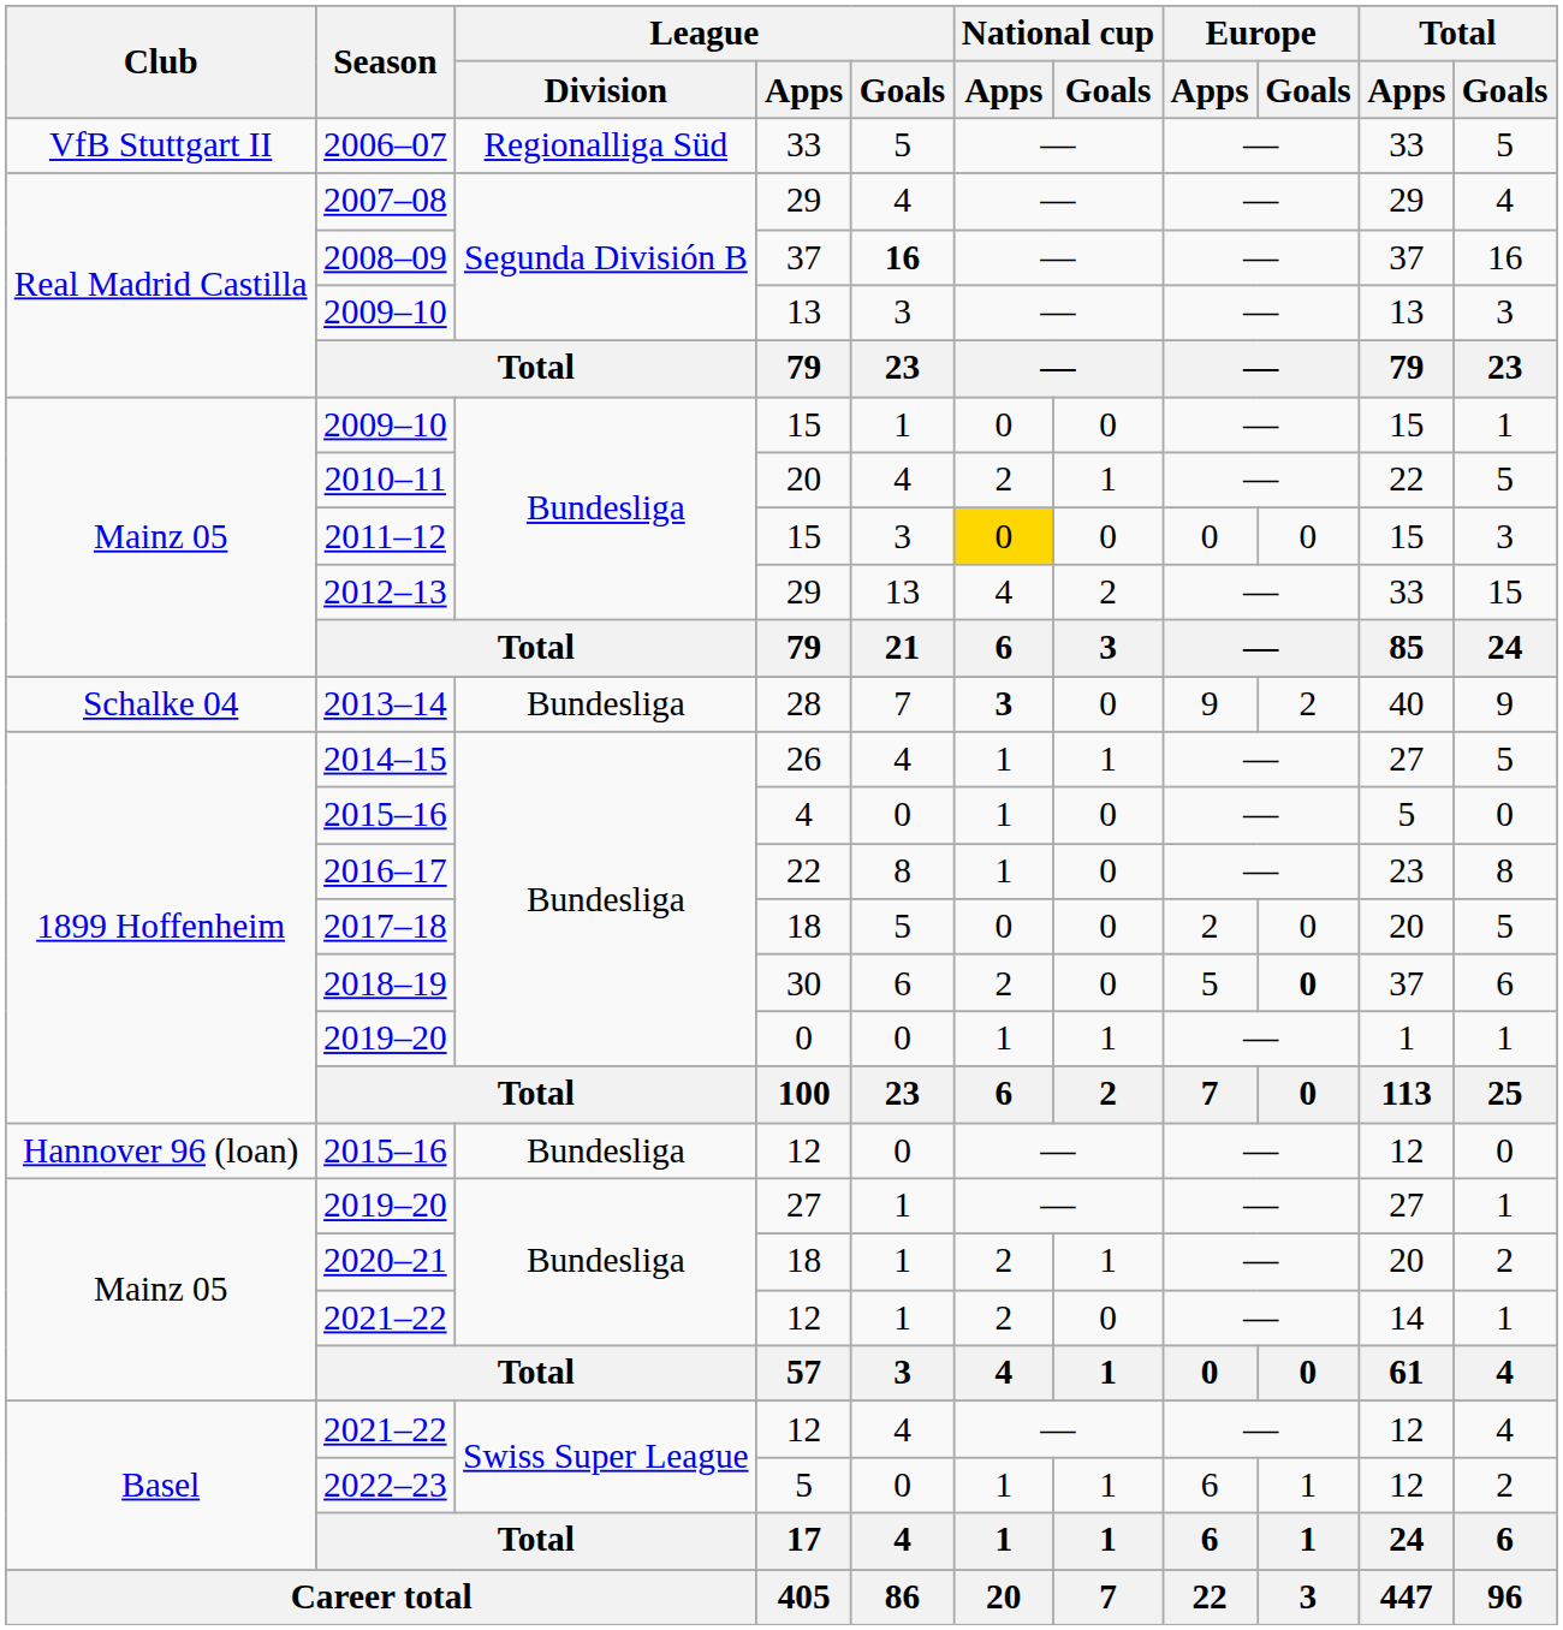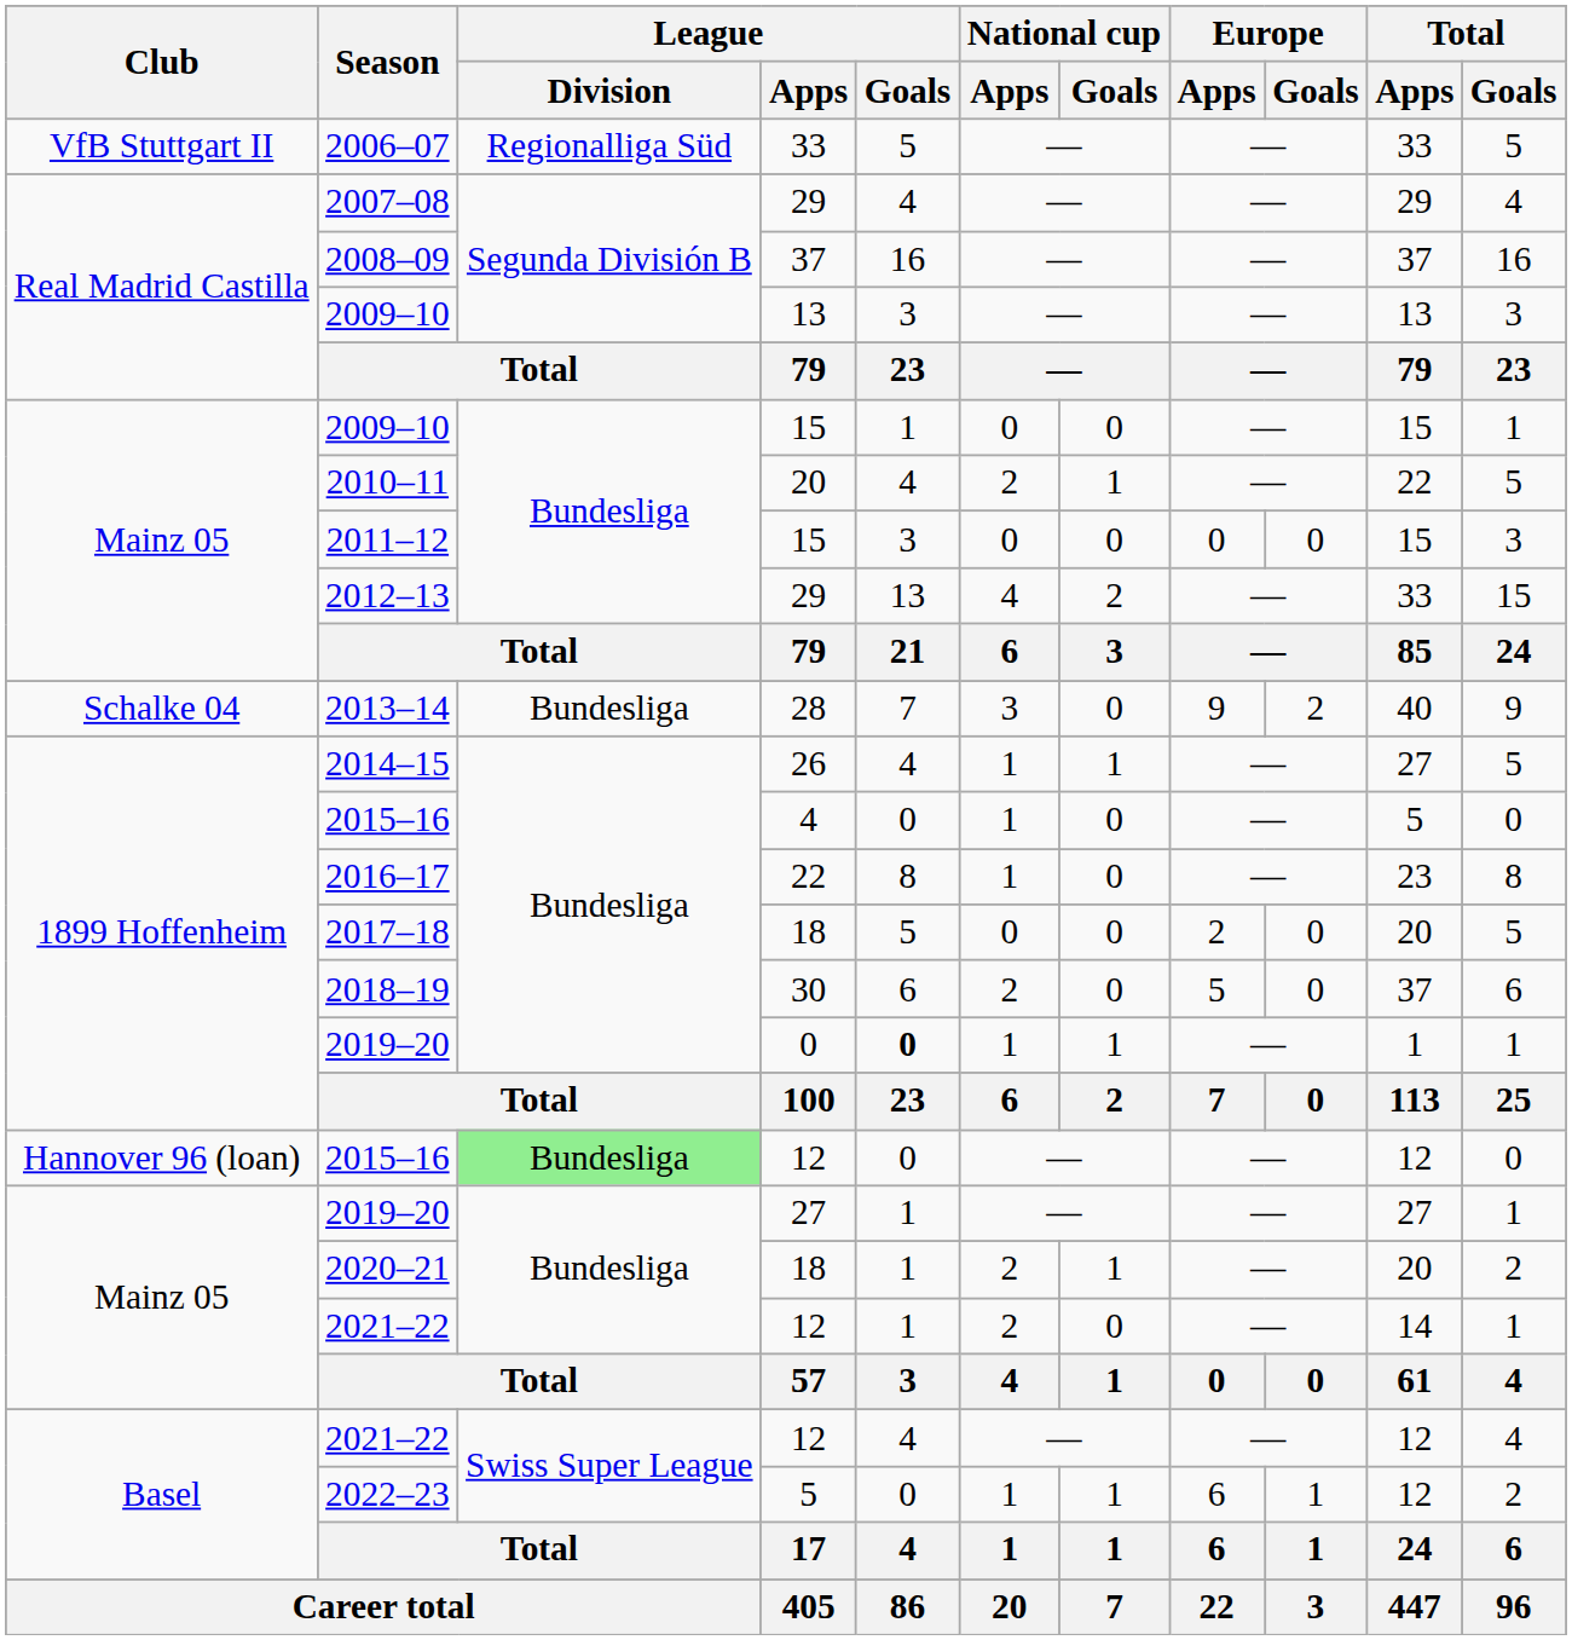 <table class="wikitable" style="text-align: center">
 <tr>
 <th rowspan="2">Club</th>
 <th rowspan="2">Season</th>
 <th colspan="3">League</th>
 <th colspan="2">National cup</th>
 <th colspan="2">Europe</th>
 <th colspan="2">Total</th>
 </tr>
 <tr>
 <th>Division</th>
 <th>Apps</th>
 <th>Goals</th>
 <th>Apps</th>
 <th>Goals</th>
 <th>Apps</th>
 <th>Goals</th>
 <th>Apps</th>
 <th>Goals</th>
 </tr>
 <tr>
 <td><a href='#'>VfB Stuttgart II</a></td>
 <td><a href='#'>2006–07</a></td>
 <td><a href='#'>Regionalliga Süd</a></td>
 <td>33</td>
 <td>5</td>
 <td colspan="2">—</td>
 <td colspan="2">—</td>
 <td>33</td>
 <td>5</td>
 </tr>
 <tr>
 <td rowspan="4"><a href='#'>Real Madrid Castilla</a></td>
 <td><a href='#'>2007–08</a></td>
 <td rowspan="3"><a href='#'>Segunda División B</a></td>
 <td>29</td>
 <td>4</td>
 <td colspan="2">—</td>
 <td colspan="2">—</td>
 <td>29</td>
 <td>4</td>
 </tr>
 <tr>
 <td><a href='#'>2008–09</a></td>
 <td>37</td>
-<td><strong>16</strong></td>
+<td>16</td>
 <td colspan="2">—</td>
 <td colspan="2">—</td>
 <td>37</td>
 <td>16</td>
 </tr>
 <tr>
 <td><a href='#'>2009–10</a></td>
 <td>13</td>
 <td>3</td>
 <td colspan="2">—</td>
 <td colspan="2">—</td>
 <td>13</td>
 <td>3</td>
 </tr>
 <tr>
 <th colspan="2">Total</th>
 <th>79</th>
 <th>23</th>
 <th colspan="2">—</th>
 <th colspan="2">—</th>
 <th>79</th>
 <th>23</th>
 </tr>
 <tr>
 <td rowspan="5"><a href='#'>Mainz 05</a></td>
 <td><a href='#'>2009–10</a></td>
 <td rowspan="4"><a href='#'>Bundesliga</a></td>
 <td>15</td>
 <td>1</td>
 <td>0</td>
 <td>0</td>
 <td colspan="2">—</td>
 <td>15</td>
 <td>1</td>
 </tr>
 <tr>
 <td><a href='#'>2010–11</a></td>
 <td>20</td>
 <td>4</td>
 <td>2</td>
 <td>1</td>
 <td colspan="2">—</td>
 <td>22</td>
 <td>5</td>
 </tr>
 <tr>
 <td><a href='#'>2011–12</a></td>
 <td>15</td>
 <td>3</td>
-<td style="background: gold;">0</td>
+<td>0</td>
 <td>0</td>
 <td>0</td>
 <td>0</td>
 <td>15</td>
 <td>3</td>
 </tr>
 <tr>
 <td><a href='#'>2012–13</a></td>
 <td>29</td>
 <td>13</td>
 <td>4</td>
 <td>2</td>
 <td colspan="2">—</td>
 <td>33</td>
 <td>15</td>
 </tr>
 <tr>
 <th colspan="2">Total</th>
 <th>79</th>
 <th>21</th>
 <th>6</th>
 <th>3</th>
 <th colspan="2">—</th>
 <th>85</th>
 <th>24</th>
 </tr>
 <tr>
 <td><a href='#'>Schalke 04</a></td>
 <td><a href='#'>2013–14</a></td>
 <td>Bundesliga</td>
 <td>28</td>
 <td>7</td>
-<td><strong>3</strong></td>
+<td>3</td>
 <td>0</td>
 <td>9</td>
 <td>2</td>
 <td>40</td>
 <td>9</td>
 </tr>
 <tr>
 <td rowspan="7"><a href='#'>1899 Hoffenheim</a></td>
 <td><a href='#'>2014–15</a></td>
 <td rowspan="6">Bundesliga</td>
 <td>26</td>
 <td>4</td>
 <td>1</td>
 <td>1</td>
 <td colspan="2">—</td>
 <td>27</td>
 <td>5</td>
 </tr>
 <tr>
 <td><a href='#'>2015–16</a></td>
 <td>4</td>
 <td>0</td>
 <td>1</td>
 <td>0</td>
 <td colspan="2">—</td>
 <td>5</td>
 <td>0</td>
 </tr>
 <tr>
 <td><a href='#'>2016–17</a></td>
 <td>22</td>
 <td>8</td>
 <td>1</td>
 <td>0</td>
 <td colspan="2">—</td>
 <td>23</td>
 <td>8</td>
 </tr>
 <tr>
 <td><a href='#'>2017–18</a></td>
 <td>18</td>
 <td>5</td>
 <td>0</td>
 <td>0</td>
 <td>2</td>
 <td>0</td>
 <td>20</td>
 <td>5</td>
 </tr>
 <tr>
 <td><a href='#'>2018–19</a></td>
 <td>30</td>
 <td>6</td>
 <td>2</td>
 <td>0</td>
 <td>5</td>
-<td><strong>0</strong></td>
+<td>0</td>
 <td>37</td>
 <td>6</td>
 </tr>
 <tr>
 <td><a href='#'>2019–20</a></td>
 <td>0</td>
-<td>0</td>
+<td><strong>0</strong></td>
 <td>1</td>
 <td>1</td>
 <td colspan="2">—</td>
 <td>1</td>
 <td>1</td>
 </tr>
 <tr>
 <th colspan="2">Total</th>
 <th>100</th>
 <th>23</th>
 <th>6</th>
 <th>2</th>
 <th>7</th>
 <th>0</th>
 <th>113</th>
 <th>25</th>
 </tr>
 <tr>
 <td><a href='#'>Hannover 96</a> (loan)</td>
 <td><a href='#'>2015–16</a></td>
-<td>Bundesliga</td>
+<td style="background: lightgreen;">Bundesliga</td>
 <td>12</td>
 <td>0</td>
 <td colspan="2">—</td>
 <td colspan="2">—</td>
 <td>12</td>
 <td>0</td>
 </tr>
 <tr>
 <td rowspan="4">Mainz 05</td>
 <td><a href='#'>2019–20</a></td>
 <td rowspan="3">Bundesliga</td>
 <td>27</td>
 <td>1</td>
 <td colspan="2">—</td>
 <td colspan="2">—</td>
 <td>27</td>
 <td>1</td>
 </tr>
 <tr>
 <td><a href='#'>2020–21</a></td>
 <td>18</td>
 <td>1</td>
 <td>2</td>
 <td>1</td>
 <td colspan="2">—</td>
 <td>20</td>
 <td>2</td>
 </tr>
 <tr>
 <td><a href='#'>2021–22</a></td>
 <td>12</td>
 <td>1</td>
 <td>2</td>
 <td>0</td>
 <td colspan="2">—</td>
 <td>14</td>
 <td>1</td>
 </tr>
 <tr>
 <th colspan="2">Total</th>
 <th>57</th>
 <th>3</th>
 <th>4</th>
 <th>1</th>
 <th>0</th>
 <th>0</th>
 <th>61</th>
 <th>4</th>
 </tr>
 <tr>
 <td rowspan="3"><a href='#'>Basel</a></td>
 <td><a href='#'>2021–22</a></td>
 <td rowspan="2"><a href='#'>Swiss Super League</a></td>
 <td>12</td>
 <td>4</td>
 <td colspan="2">—</td>
 <td colspan="2">—</td>
 <td>12</td>
 <td>4</td>
 </tr>
 <tr>
 <td><a href='#'>2022–23</a></td>
 <td>5</td>
 <td>0</td>
 <td>1</td>
 <td>1</td>
 <td>6</td>
 <td>1</td>
 <td>12</td>
 <td>2</td>
 </tr>
 <tr>
 <th colspan="2">Total</th>
 <th>17</th>
 <th>4</th>
 <th>1</th>
 <th>1</th>
 <th>6</th>
 <th>1</th>
 <th>24</th>
 <th>6</th>
 </tr>
 <tr>
 <th colspan="3">Career total</th>
 <th>405</th>
 <th>86</th>
 <th>20</th>
 <th>7</th>
 <th>22</th>
 <th>3</th>
 <th>447</th>
 <th>96</th>
 </tr>
 </table>
